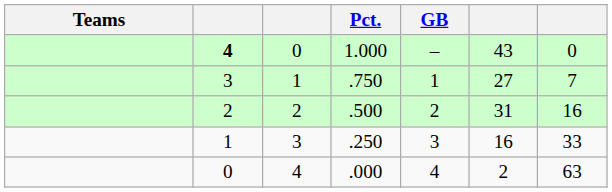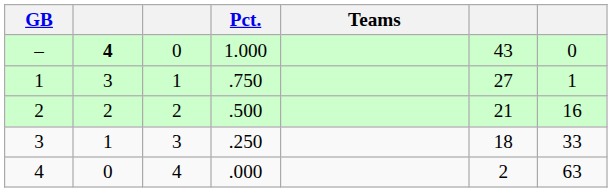 <table class="wikitable" style="text-align:center;">
 <tr>
-<th width=150px>Teams</th>
+<th width=50px><a href='#'>GB</a></th>
 <th width=50px></th>
 <th width=50px></th>
 <th width=50px><a href='#'>Pct.</a></th>
-<th width=50px><a href='#'>GB</a></th>
+<th width=150px>Teams</th>
 <th width=50px></th>
 <th width=50px></th>
 </tr>
 <tr bgcolor="ccffcc">
-<td align=left></td>
+<td>–</td>
 <td><strong>4</strong></td>
 <td>0</td>
 <td>1.000</td>
-<td>–</td>
+<td align=left></td>
 <td>43</td>
 <td>0</td>
 </tr>
 <tr bgcolor="ccffcc">
-<td align=left></td>
+<td>1</td>
 <td>3</td>
 <td>1</td>
 <td>.750</td>
+<td align=left></td>
+<td>27</td>
 <td>1</td>
-<td>27</td>
-<td>7</td>
 </tr>
 <tr bgcolor="ccffcc">
-<td align=left></td>
+<td>2</td>
 <td>2</td>
 <td>2</td>
 <td>.500</td>
-<td>2</td>
-<td>31</td>
+<td align=left></td>
+<td>21</td>
 <td>16</td>
 </tr>
 <tr>
-<td align=left></td>
+<td>3</td>
 <td>1</td>
 <td>3</td>
 <td>.250</td>
-<td>3</td>
-<td>16</td>
+<td align=left></td>
+<td>18</td>
 <td>33</td>
 </tr>
 <tr>
-<td align=left></td>
+<td>4</td>
 <td>0</td>
 <td>4</td>
 <td>.000</td>
-<td>4</td>
+<td align=left></td>
 <td>2</td>
 <td>63</td>
 </tr>
 </table>
